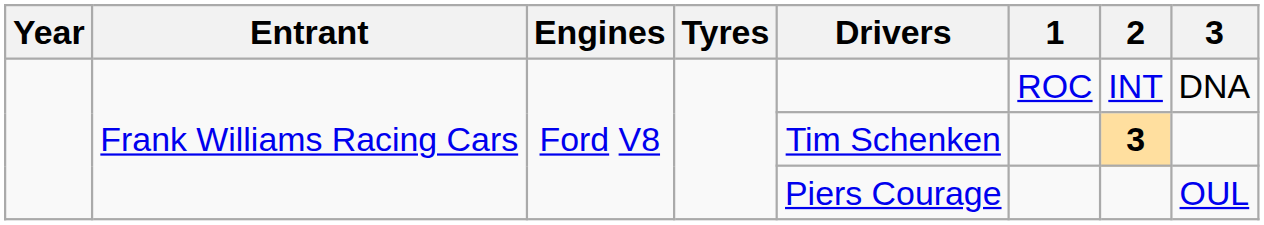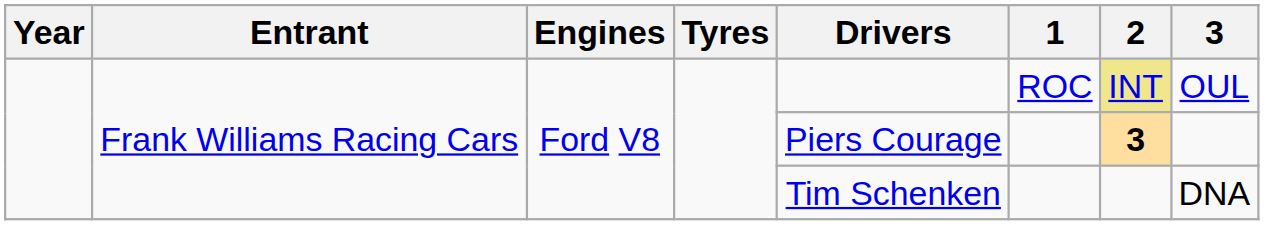 <table class="wikitable" style="text-align:center; font-size:95%">
 <tr>
 <th>Year</th>
 <th>Entrant</th>
 <th>Engines</th>
 <th>Tyres</th>
 <th>Drivers</th>
 <th>1</th>
 <th>2</th>
 <th>3</th>
 </tr>
 <tr>
 <td rowspan="3"></td>
 <td rowspan="3"><a href='#'>Frank Williams Racing Cars</a></td>
 <td rowspan="3"><a href='#'>Ford</a> <a href='#'>V8</a></td>
 <td rowspan="3"></td>
 <td></td>
 <td><a href='#'>ROC</a></td>
-<td><a href='#'>INT</a></td>
-<td>DNA</td>
+<td style="background: khaki;"><a href='#'>INT</a></td>
+<td><a href='#'>OUL</a></td>
 </tr>
 <tr>
-<td><a href='#'>Tim Schenken</a></td>
+<td><a href='#'>Piers Courage</a></td>
 <td></td>
 <td style="background:#FFDF9F;"><strong>3</strong></td>
 <td></td>
 </tr>
 <tr>
-<td><a href='#'>Piers Courage</a></td>
+<td><a href='#'>Tim Schenken</a></td>
 <td></td>
 <td></td>
-<td><a href='#'>OUL</a></td>
+<td>DNA</td>
 </tr>
 </table>
